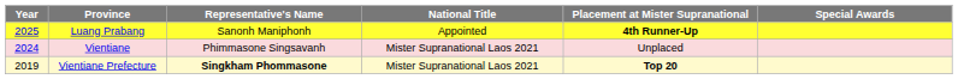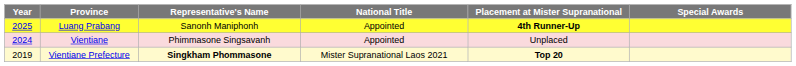 <table class="wikitable " style="font-size: 89%; text-align:center">
 <tr>
 <th width="50" style="background-color:#787878;color:#FFFFFF;">Year</th>
 <th width="150" style="background-color:#787878;color:#FFFFFF;">Province</th>
 <th width="250" style="background-color:#787878;color:#FFFFFF;">Representative's Name</th>
 <th width="260" style="background-color:#787878;color:#FFFFFF;">National Title</th>
 <th width="250" style="background-color:#787878;color:#FFFFFF;">Placement at Mister Supranational</th>
 <th width="250" style="background-color:#787878;color:#FFFFFF;">Special Awards</th>
 </tr>
 <tr style="background-color:#FFFF33; : bold">
 <td><a href='#'>2025</a></td>
 <td><a href='#'>Luang Prabang</a></td>
 <td>Sanonh Maniphonh</td>
 <td>Appointed</td>
 <td><strong>4th Runner-Up</strong></td>
 <td style="background:;"></td>
 </tr>
 <tr style="background-color:#FADADD;">
 <td><a href='#'>2024</a></td>
 <td><a href='#'>Vientiane</a></td>
 <td>Phimmasone Singsavanh</td>
-<td>Mister Supranational Laos 2021</td>
+<td>Appointed</td>
 <td>Unplaced</td>
 <td style="background:;"></td>
 </tr>
 <tr bgcolor="#FFFACD">
 <td>2019</td>
 <td><a href='#'>Vientiane Prefecture</a></td>
 <td><strong>Singkham Phommasone</strong></td>
 <td>Mister Supranational Laos 2021</td>
 <td><strong>Top 20</strong></td>
 <td></td>
 </tr>
 </table>
